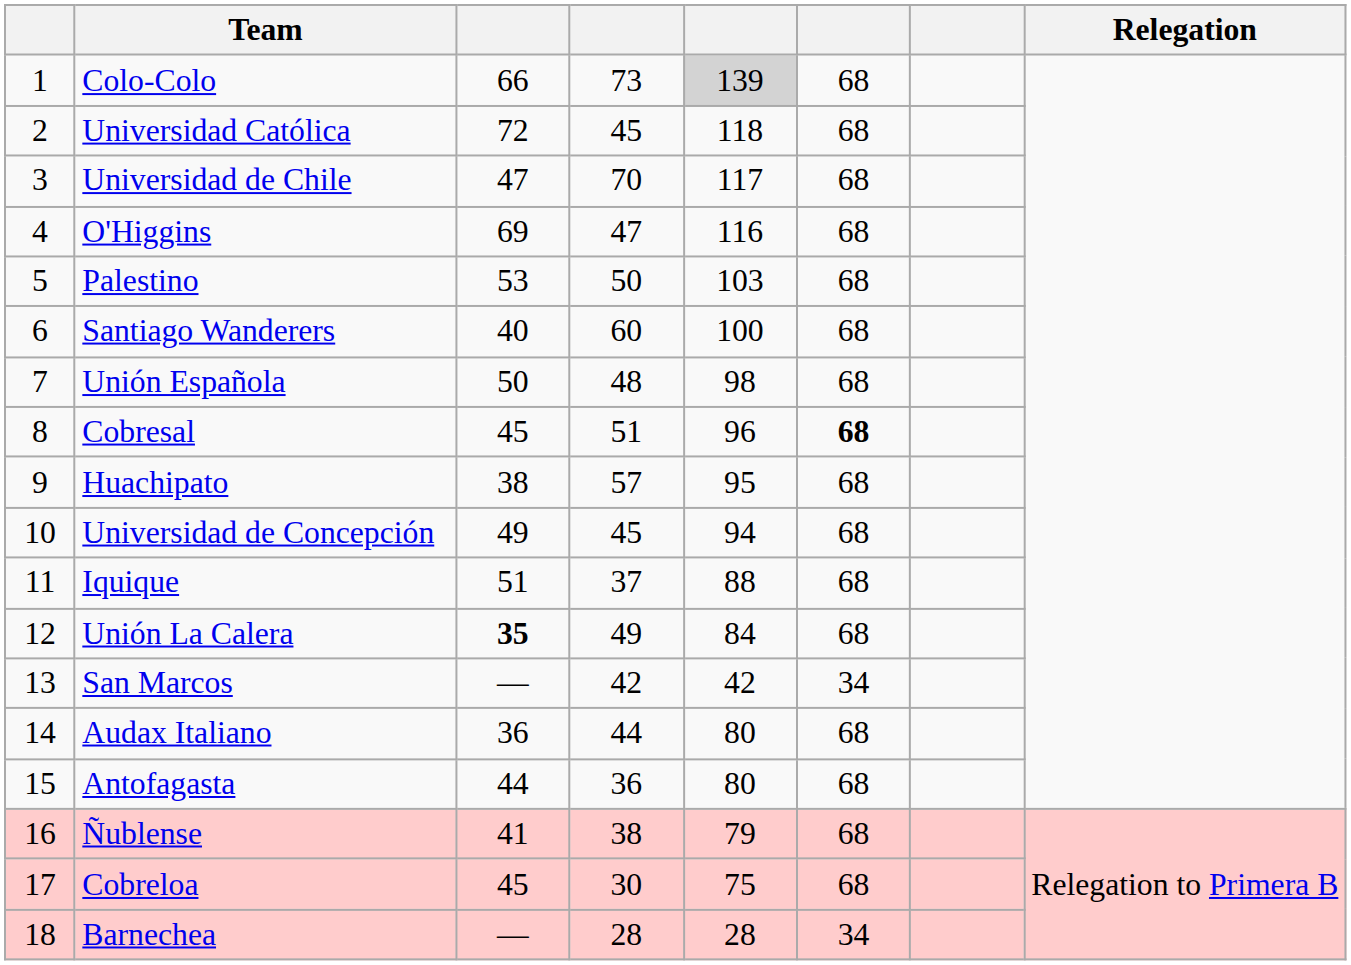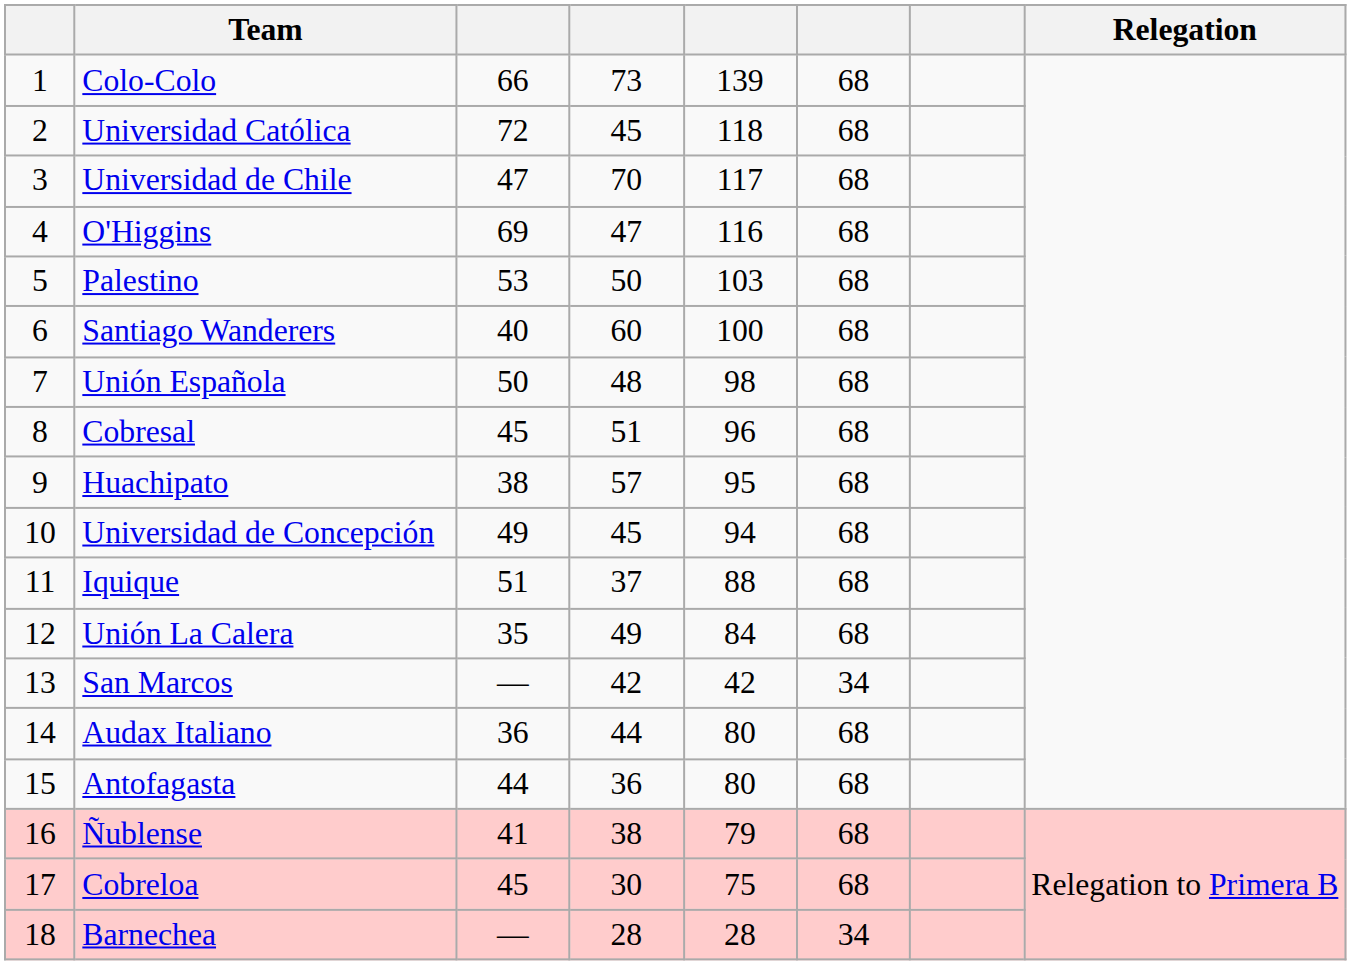 <table class="wikitable" style="text-align: center;">
 <tr>
 <th width=28><br></th>
 <th width=185>Team</th>
 <th width=50></th>
 <th width=50></th>
 <th width=50></th>
 <th width=50></th>
 <th width=50><br></th>
 <th>Relegation</th>
 </tr>
 <tr>
 <td>1</td>
 <td align="left"><a href='#'>Colo-Colo</a></td>
 <td>66</td>
 <td>73</td>
-<td style="background: lightgrey;">139</td>
+<td>139</td>
 <td>68</td>
 <td><strong></strong></td>
 </tr>
 <tr>
 <td>2</td>
 <td align="left"><a href='#'>Universidad Católica</a></td>
 <td>72</td>
 <td>45</td>
 <td>118</td>
 <td>68</td>
 <td><strong></strong></td>
 </tr>
 <tr>
 <td>3</td>
 <td align="left"><a href='#'>Universidad de Chile</a></td>
 <td>47</td>
 <td>70</td>
 <td>117</td>
 <td>68</td>
 <td><strong></strong></td>
 </tr>
 <tr>
 <td>4</td>
 <td align="left"><a href='#'>O'Higgins</a></td>
 <td>69</td>
 <td>47</td>
 <td>116</td>
 <td>68</td>
 <td><strong></strong></td>
 </tr>
 <tr>
 <td>5</td>
 <td align="left"><a href='#'>Palestino</a></td>
 <td>53</td>
 <td>50</td>
 <td>103</td>
 <td>68</td>
 <td><strong></strong></td>
 </tr>
 <tr>
 <td>6</td>
 <td align="left"><a href='#'>Santiago Wanderers</a></td>
 <td>40</td>
 <td>60</td>
 <td>100</td>
 <td>68</td>
 <td><strong></strong></td>
 </tr>
 <tr>
 <td>7</td>
 <td align="left"><a href='#'>Unión Española</a></td>
 <td>50</td>
 <td>48</td>
 <td>98</td>
 <td>68</td>
 <td><strong></strong></td>
 </tr>
 <tr>
 <td>8</td>
 <td align="left"><a href='#'>Cobresal</a></td>
 <td>45</td>
 <td>51</td>
 <td>96</td>
-<td><strong>68</strong></td>
+<td>68</td>
 <td><strong></strong></td>
 </tr>
 <tr>
 <td>9</td>
 <td align="left"><a href='#'>Huachipato</a></td>
 <td>38</td>
 <td>57</td>
 <td>95</td>
 <td>68</td>
 <td><strong></strong></td>
 </tr>
 <tr>
 <td>10</td>
 <td align="left"><a href='#'>Universidad de Concepción</a></td>
 <td>49</td>
 <td>45</td>
 <td>94</td>
 <td>68</td>
 <td><strong></strong></td>
 </tr>
 <tr>
 <td>11</td>
 <td align="left"><a href='#'>Iquique</a></td>
 <td>51</td>
 <td>37</td>
 <td>88</td>
 <td>68</td>
 <td><strong></strong></td>
 </tr>
 <tr>
 <td>12</td>
 <td align="left"><a href='#'>Unión La Calera</a></td>
-<td><strong>35</strong></td>
+<td>35</td>
 <td>49</td>
 <td>84</td>
 <td>68</td>
 <td><strong></strong></td>
 </tr>
 <tr>
 <td>13</td>
 <td align="left"><a href='#'>San Marcos</a></td>
 <td>—</td>
 <td>42</td>
 <td>42</td>
 <td>34</td>
 <td><strong></strong></td>
 </tr>
 <tr>
 <td>14</td>
 <td align="left"><a href='#'>Audax Italiano</a></td>
 <td>36</td>
 <td>44</td>
 <td>80</td>
 <td>68</td>
 <td><strong></strong></td>
 </tr>
 <tr>
 <td>15</td>
 <td align="left"><a href='#'>Antofagasta</a></td>
 <td>44</td>
 <td>36</td>
 <td>80</td>
 <td>68</td>
 <td><strong></strong></td>
 </tr>
 <tr bgcolor=#FFCCCC>
 <td>16</td>
 <td align="left"><a href='#'>Ñublense</a></td>
 <td>41</td>
 <td>38</td>
 <td>79</td>
 <td>68</td>
 <td><strong></strong></td>
 <td rowspan="3">Relegation to <a href='#'>Primera B</a></td>
 </tr>
 <tr bgcolor=#FFCCCC>
 <td>17</td>
 <td align="left"><a href='#'>Cobreloa</a></td>
 <td>45</td>
 <td>30</td>
 <td>75</td>
 <td>68</td>
 <td><strong></strong></td>
 </tr>
 <tr bgcolor=#FFCCCC>
 <td>18</td>
 <td align="left"><a href='#'>Barnechea</a></td>
 <td>—</td>
 <td>28</td>
 <td>28</td>
 <td>34</td>
 <td><strong></strong></td>
 </tr>
 </table>
